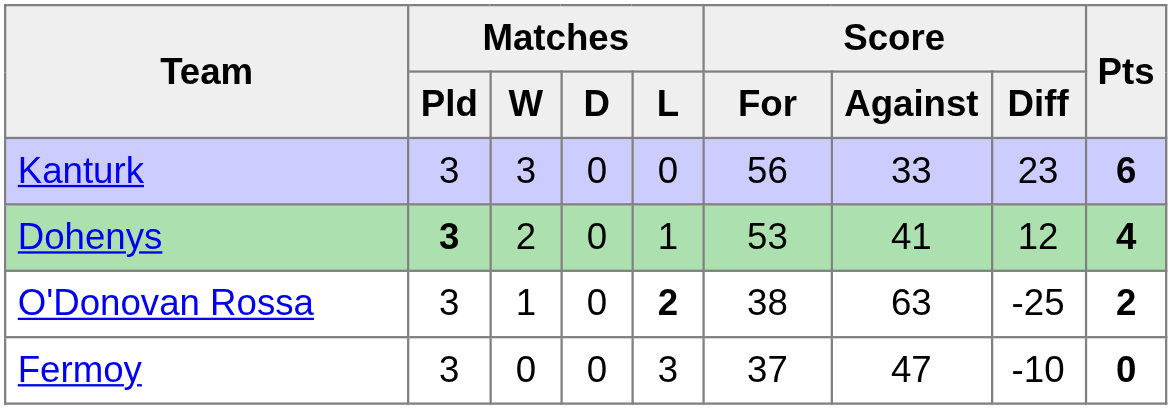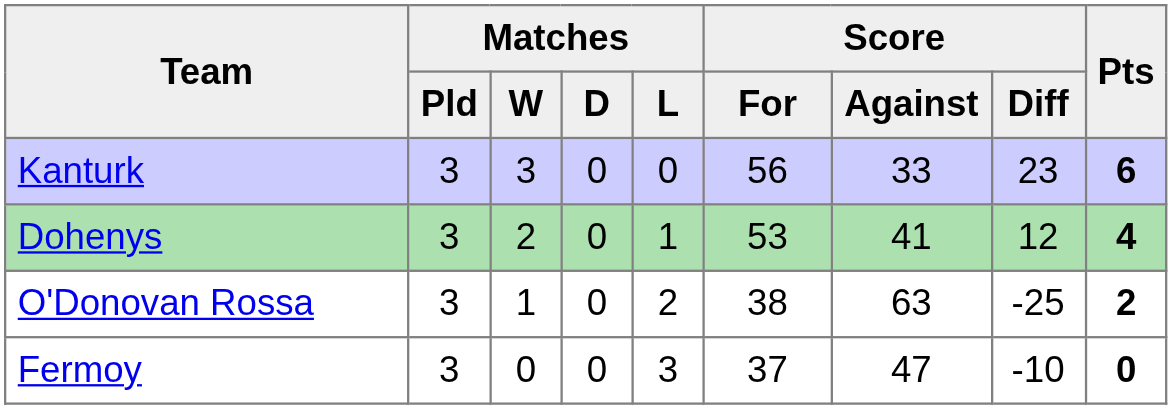 <table style=border-collapse:collapse border=1 cellspacing=0 cellpadding=5>
 <tr align=center bgcolor=#efefef>
 <th rowspan=2 width=165>Team</th>
 <th colspan=4>Matches</th>
 <th colspan=3>Score</th>
 <th rowspan=2width=20>Pts</th>
 </tr>
 <tr align=center bgcolor=#efefef>
 <th width=20>Pld</th>
 <th width=20>W</th>
 <th width=20>D</th>
 <th width=20>L</th>
 <th width=45>For</th>
 <th width=45>Against</th>
 <th width=30>Diff</th>
 </tr>
 <tr align=center style="background:#ccccff;">
 <td style="text-align:left;"><a href='#'>Kanturk</a></td>
 <td>3</td>
 <td>3</td>
 <td>0</td>
 <td>0</td>
 <td>56</td>
 <td>33</td>
 <td>23</td>
 <td><strong>6</strong></td>
 </tr>
 <tr align=center style="background:#ACE1AF;">
 <td style="text-align:left;"><a href='#'>Dohenys</a></td>
-<td><strong>3</strong></td>
+<td>3</td>
 <td>2</td>
 <td>0</td>
 <td>1</td>
 <td>53</td>
 <td>41</td>
 <td>12</td>
 <td><strong>4</strong></td>
 </tr>
 <tr align=center>
 <td style="text-align:left;"><a href='#'>O'Donovan Rossa</a></td>
 <td>3</td>
 <td>1</td>
 <td>0</td>
-<td><strong>2</strong></td>
+<td>2</td>
 <td>38</td>
 <td>63</td>
 <td>-25</td>
 <td><strong>2</strong></td>
 </tr>
 <tr align=center>
 <td style="text-align:left;"><a href='#'>Fermoy</a></td>
 <td>3</td>
 <td>0</td>
 <td>0</td>
 <td>3</td>
 <td>37</td>
 <td>47</td>
 <td>-10</td>
 <td><strong>0</strong></td>
 </tr>
 </table>
